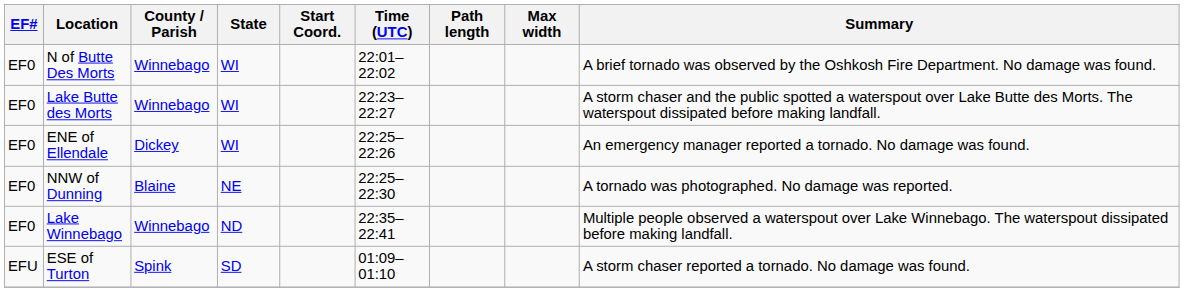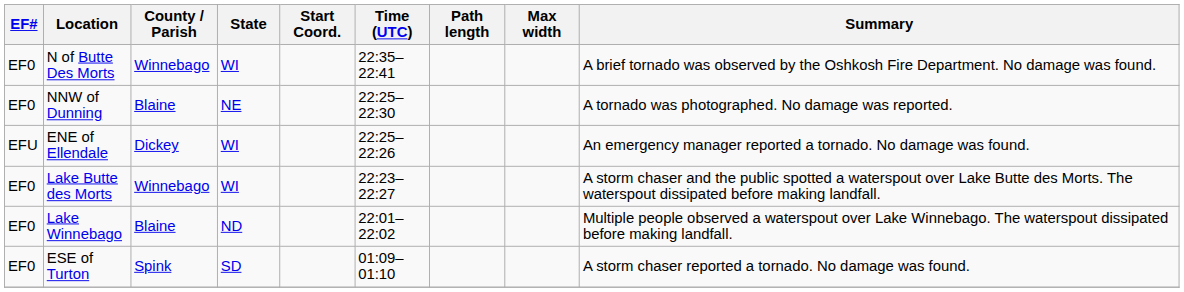 <table class="wikitable sortable" style="width:100%;">
 <tr>
 <th scope="col"  style="width:3%; text-align:center;"><a href='#'>EF#</a></th>
 <th scope="col"  style="width:7%; text-align:center;" class="unsortable">Location</th>
 <th scope="col"  style="width:6%; text-align:center;" class="unsortable">County / Parish</th>
 <th scope="col"  style="width:5%; text-align:center;">State</th>
 <th scope="col"  style="width:6%; text-align:center;">Start Coord.</th>
 <th scope="col"  style="width:6%; text-align:center;">Time (<a href='#'>UTC</a>)</th>
 <th scope="col"  style="width:6%; text-align:center;">Path length</th>
 <th scope="col"  style="width:6%; text-align:center;">Max width</th>
 <th scope="col" class="unsortable" style="width:48%; text-align:center;">Summary</th>
 </tr>
 <tr>
 <td>EF0</td>
 <td>N of <a href='#'>Butte Des Morts</a></td>
 <td><a href='#'>Winnebago</a></td>
 <td><a href='#'>WI</a></td>
 <td></td>
-<td>22:01–22:02</td>
+<td>22:35–22:41</td>
 <td></td>
 <td></td>
 <td>A brief tornado was observed by the Oshkosh Fire Department. No damage was found.</td>
+</tr>
+<tr>
+<td>EF0</td>
+<td>NNW of <a href='#'>Dunning</a></td>
+<td><a href='#'>Blaine</a></td>
+<td><a href='#'>NE</a></td>
+<td></td>
+<td>22:25–22:30</td>
+<td></td>
+<td></td>
+<td>A tornado was photographed. No damage was reported.</td>
+</tr>
+<tr>
+<td>EFU</td>
+<td>ENE of <a href='#'>Ellendale</a></td>
+<td><a href='#'>Dickey</a></td>
+<td><a href='#'>WI</a></td>
+<td></td>
+<td>22:25–22:26</td>
+<td></td>
+<td></td>
+<td>An emergency manager reported a tornado. No damage was found.</td>
 </tr>
 <tr>
 <td>EF0</td>
 <td><a href='#'>Lake Butte des Morts</a></td>
 <td><a href='#'>Winnebago</a></td>
 <td><a href='#'>WI</a></td>
 <td></td>
 <td>22:23–22:27</td>
 <td></td>
 <td></td>
 <td>A storm chaser and the public spotted a waterspout over Lake Butte des Morts. The waterspout dissipated before making landfall.</td>
 </tr>
 <tr>
 <td>EF0</td>
-<td>ENE of <a href='#'>Ellendale</a></td>
-<td><a href='#'>Dickey</a></td>
-<td><a href='#'>WI</a></td>
-<td></td>
-<td>22:25–22:26</td>
-<td></td>
-<td></td>
-<td>An emergency manager reported a tornado. No damage was found.</td>
-</tr>
-<tr>
-<td>EF0</td>
-<td>NNW of <a href='#'>Dunning</a></td>
+<td><a href='#'>Lake Winnebago</a></td>
 <td><a href='#'>Blaine</a></td>
-<td><a href='#'>NE</a></td>
-<td></td>
-<td>22:25–22:30</td>
-<td></td>
-<td></td>
-<td>A tornado was photographed. No damage was reported.</td>
-</tr>
-<tr>
-<td>EF0</td>
-<td><a href='#'>Lake Winnebago</a></td>
-<td><a href='#'>Winnebago</a></td>
 <td><a href='#'>ND</a></td>
 <td></td>
-<td>22:35–22:41</td>
+<td>22:01–22:02</td>
 <td></td>
 <td></td>
 <td>Multiple people observed a waterspout over Lake Winnebago. The waterspout dissipated before making landfall.</td>
 </tr>
 <tr>
-<td>EFU</td>
+<td>EF0</td>
 <td>ESE of <a href='#'>Turton</a></td>
 <td><a href='#'>Spink</a></td>
 <td><a href='#'>SD</a></td>
 <td></td>
 <td>01:09–01:10</td>
 <td></td>
 <td></td>
 <td>A storm chaser reported a tornado. No damage was found.</td>
 </tr>
 <tr>
 </tr>
 </table>
